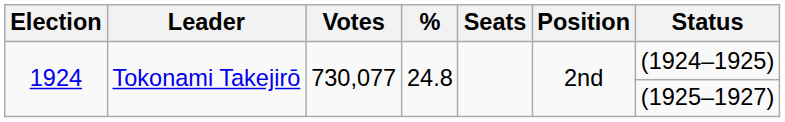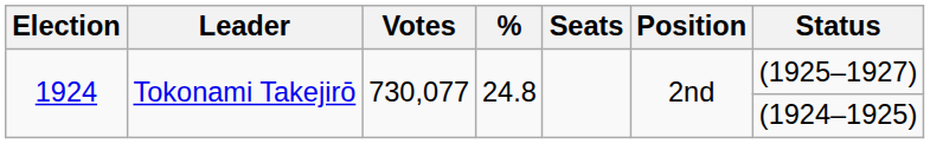 <table class="wikitable" style="text-align:center">
 <tr>
 <th>Election</th>
 <th>Leader</th>
 <th>Votes</th>
 <th>%</th>
 <th>Seats</th>
 <th>Position</th>
 <th>Status</th>
 </tr>
 <tr>
 <td rowspan="2"><a href='#'>1924</a></td>
 <td rowspan="2"><a href='#'>Tokonami Takejirō</a></td>
 <td rowspan="2">730,077</td>
 <td rowspan="2">24.8</td>
 <td rowspan="2"></td>
 <td rowspan="2">2nd</td>
+<td> (1925–1927)</td>
+</tr>
+<tr>
 <td> (1924–1925)</td>
 </tr>
-<tr>
-<td> (1925–1927)</td>
-</tr>
 </table>
